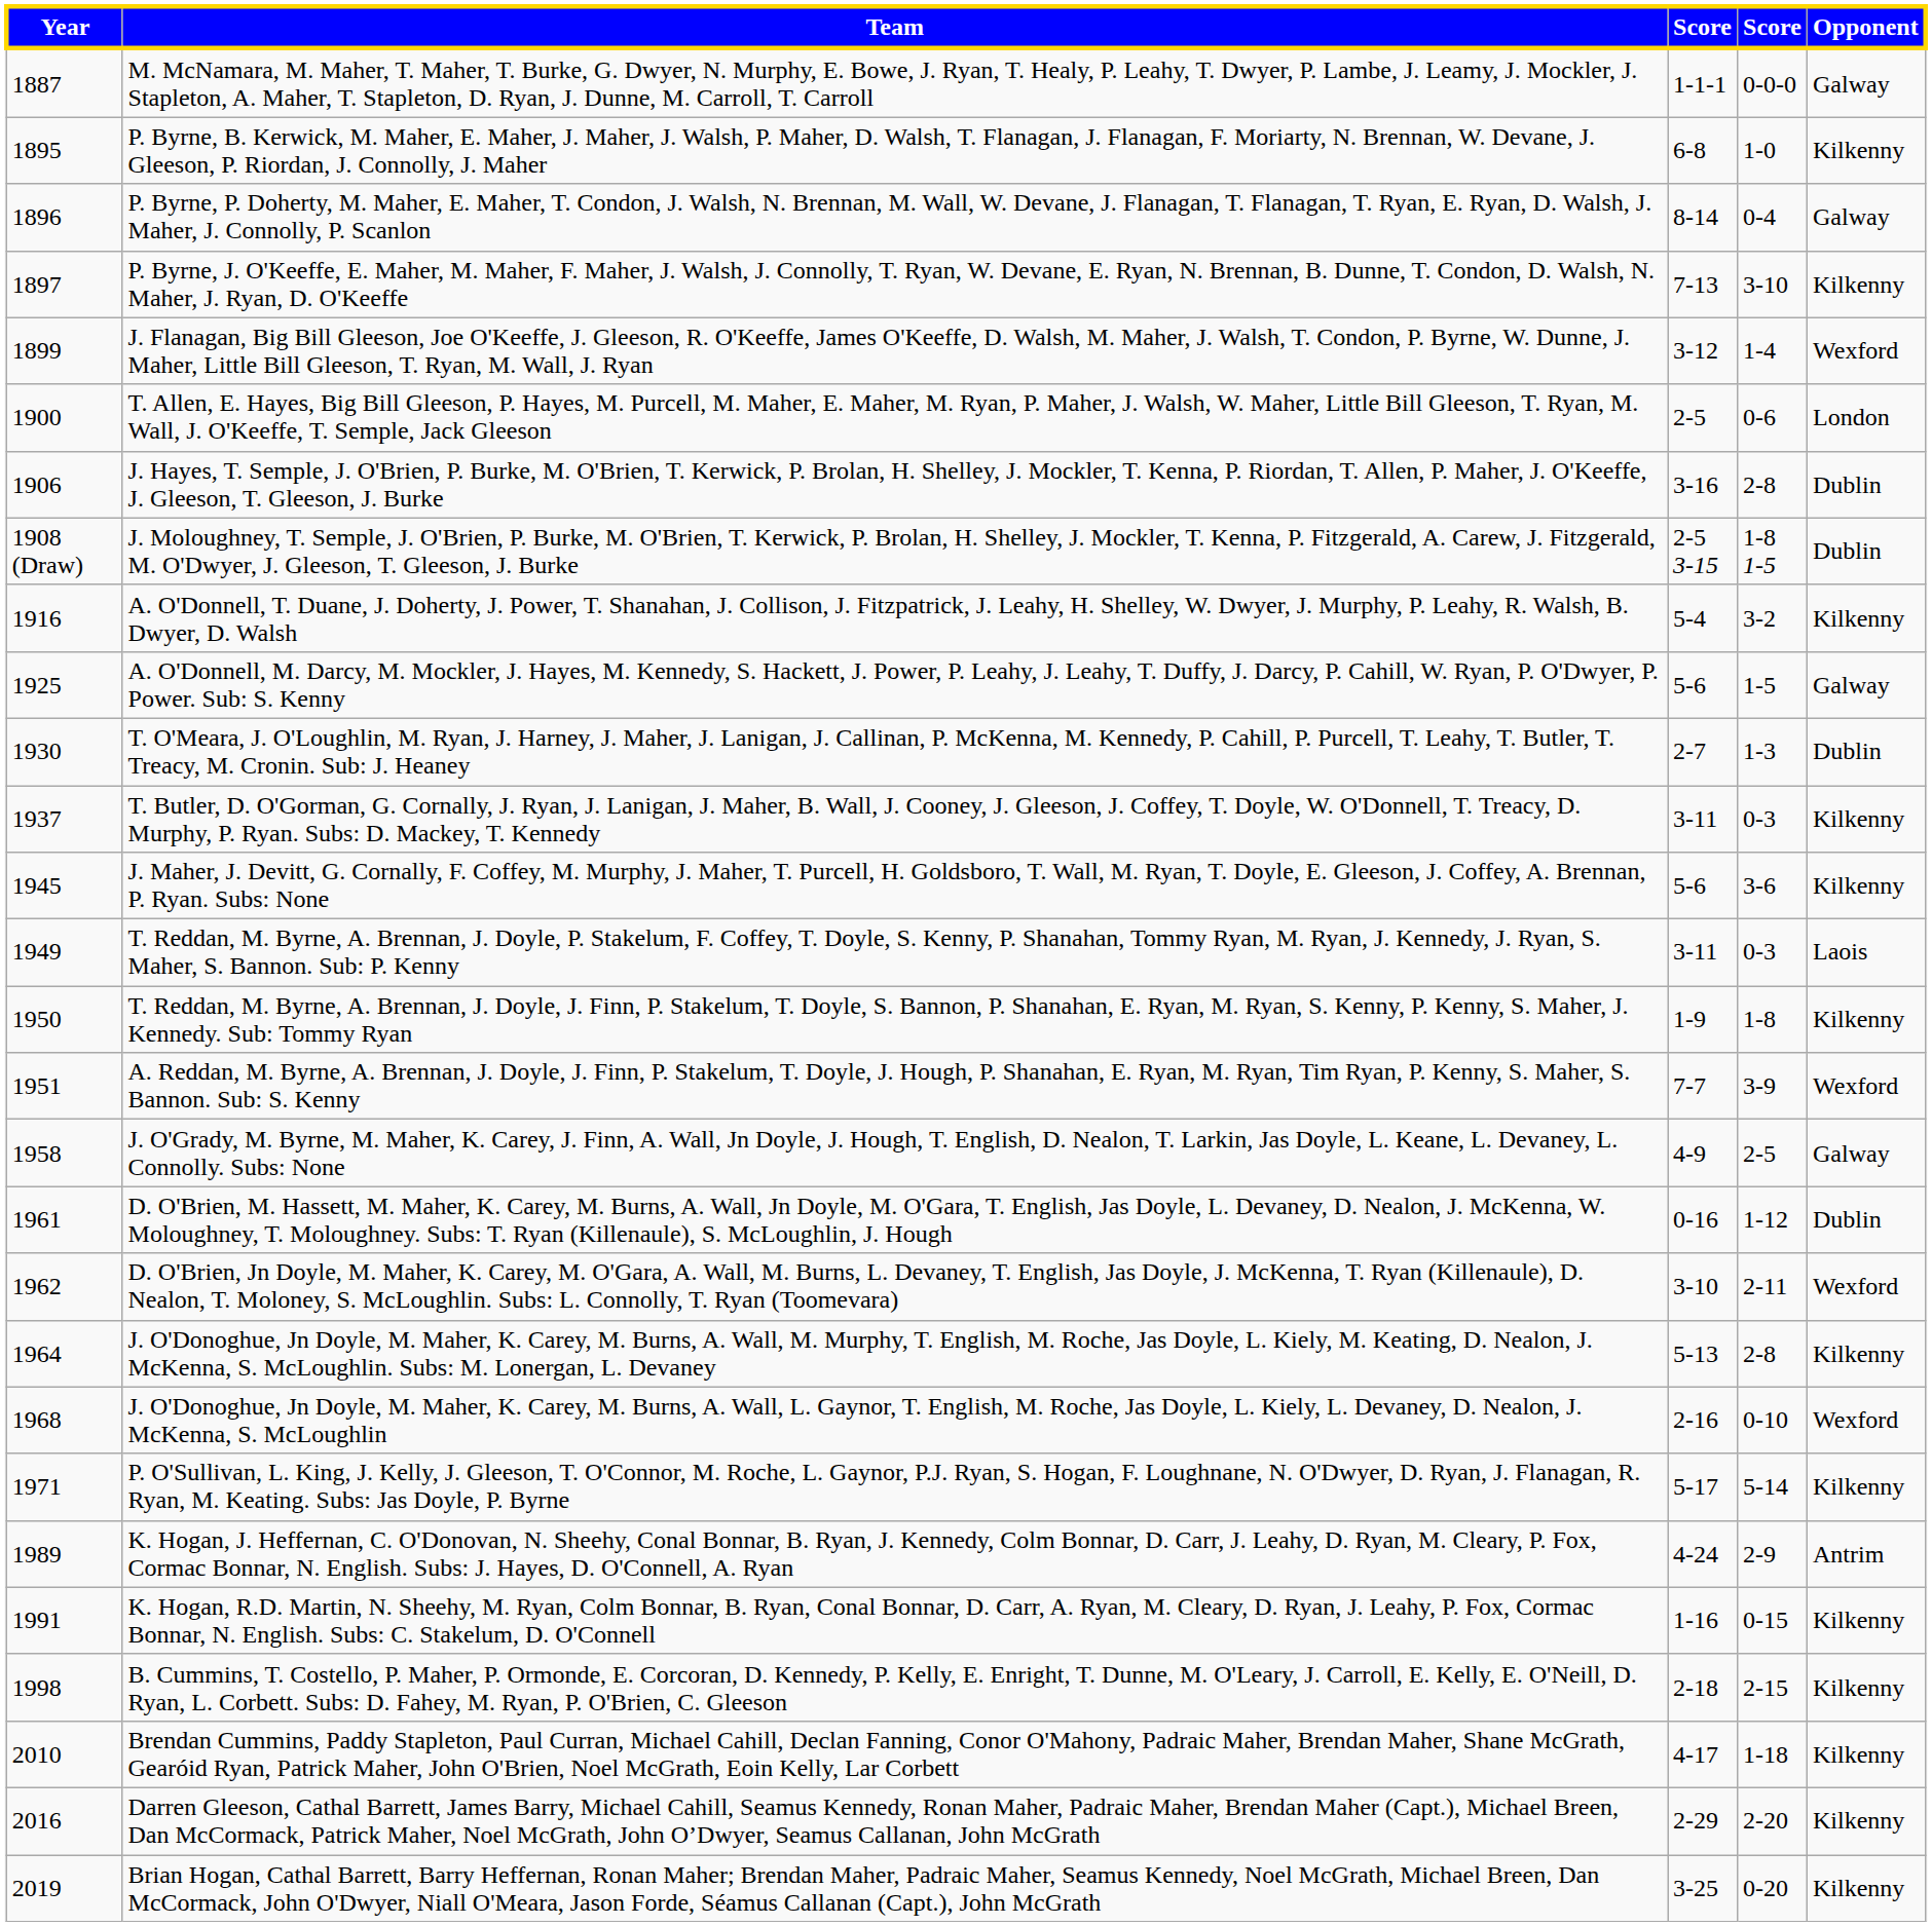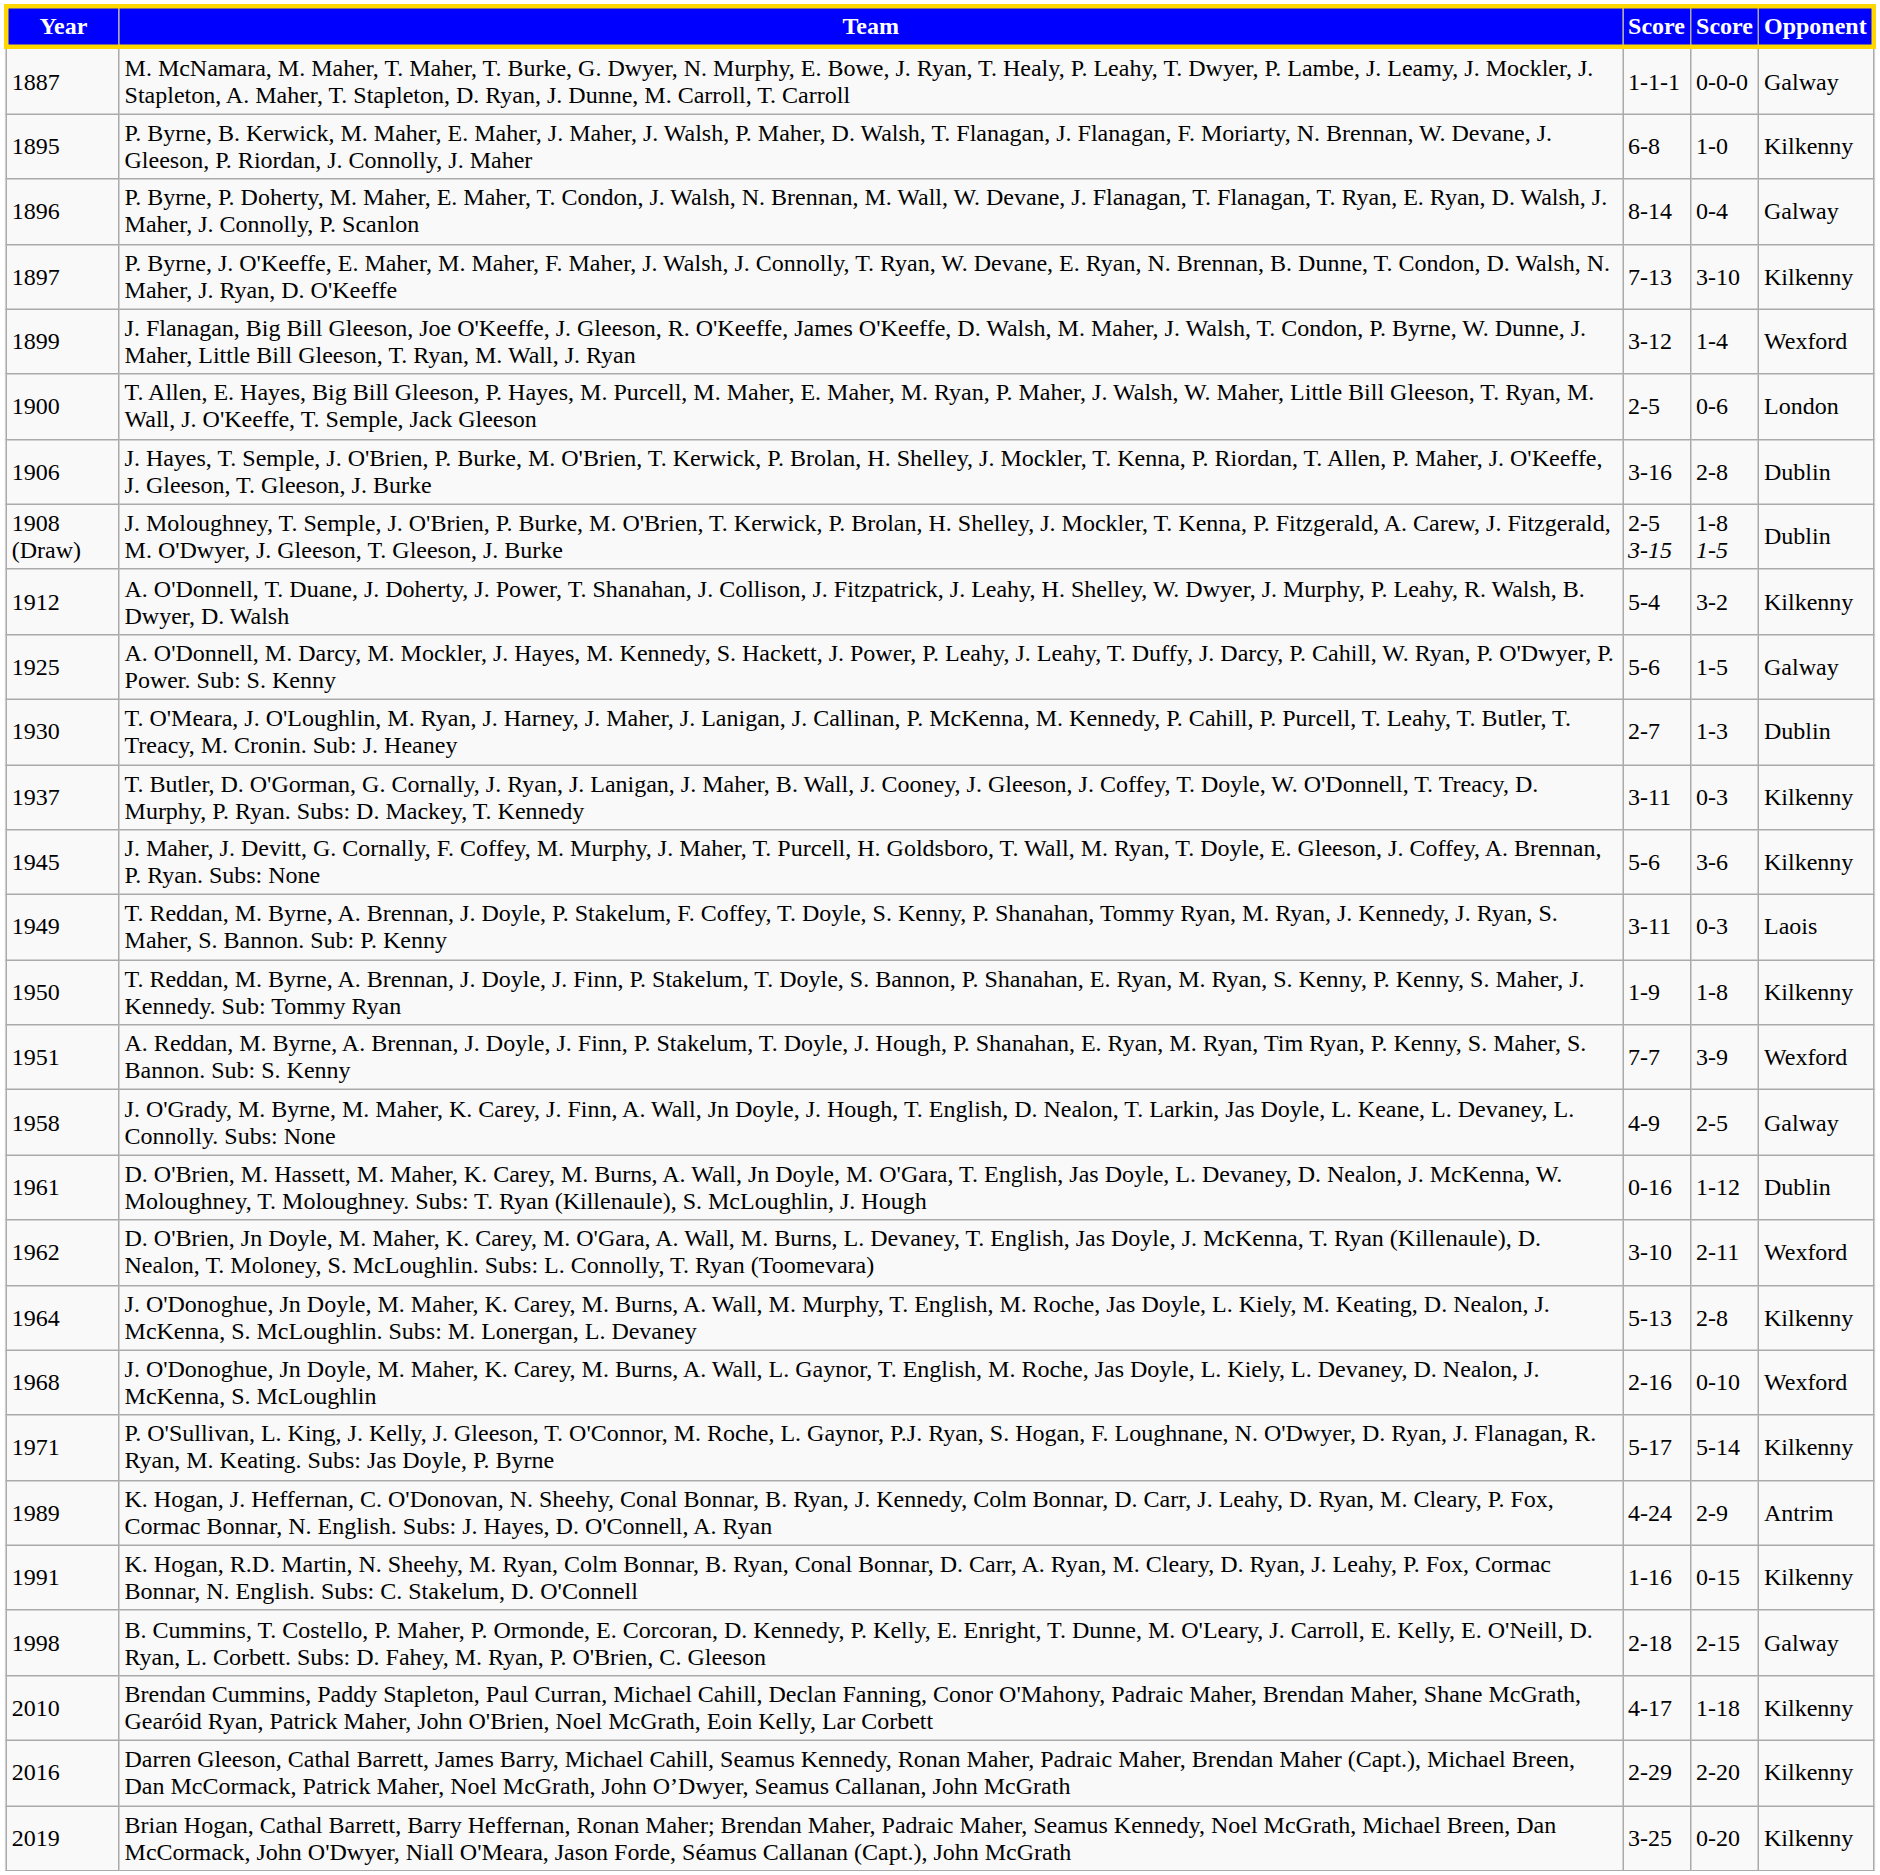 <table class="wikitable">
 <tr style="text-align:center;background:blue; color:white; border:3px solid gold">
 <td><strong>Year</strong></td>
 <td><strong>Team</strong></td>
 <td><strong>Score</strong></td>
 <td><strong>Score</strong></td>
 <td><strong>Opponent</strong></td>
 </tr>
 <tr>
 <td>1887</td>
 <td>M. McNamara, M. Maher, T. Maher, T. Burke, G. Dwyer, N. Murphy, E. Bowe, J. Ryan, T. Healy, P. Leahy, T. Dwyer, P. Lambe, J. Leamy, J. Mockler, J. Stapleton, A. Maher, T. Stapleton, D. Ryan, J. Dunne, M. Carroll, T. Carroll</td>
 <td>1-1-1</td>
 <td>0-0-0</td>
 <td>Galway</td>
 </tr>
 <tr>
 <td>1895</td>
 <td>P. Byrne, B. Kerwick, M. Maher, E. Maher, J. Maher, J. Walsh, P. Maher, D. Walsh, T. Flanagan, J. Flanagan, F. Moriarty, N. Brennan, W. Devane, J. Gleeson, P. Riordan, J. Connolly, J. Maher</td>
 <td>6-8</td>
 <td>1-0</td>
 <td>Kilkenny</td>
 </tr>
 <tr>
 <td>1896</td>
 <td>P. Byrne, P. Doherty, M. Maher, E. Maher, T. Condon, J. Walsh, N. Brennan, M. Wall, W. Devane, J. Flanagan, T. Flanagan, T. Ryan, E. Ryan, D. Walsh, J. Maher, J. Connolly, P. Scanlon</td>
 <td>8-14</td>
 <td>0-4</td>
 <td>Galway</td>
 </tr>
 <tr>
 <td>1897</td>
 <td>P. Byrne, J. O'Keeffe, E. Maher, M. Maher, F. Maher, J. Walsh, J. Connolly, T. Ryan, W. Devane, E. Ryan, N. Brennan, B. Dunne, T. Condon, D. Walsh, N. Maher, J. Ryan, D. O'Keeffe</td>
 <td>7-13</td>
 <td>3-10</td>
 <td>Kilkenny</td>
 </tr>
 <tr>
 <td>1899</td>
 <td>J. Flanagan, Big Bill Gleeson, Joe O'Keeffe, J. Gleeson, R. O'Keeffe, James O'Keeffe, D. Walsh, M. Maher, J. Walsh, T. Condon, P. Byrne, W. Dunne, J. Maher, Little Bill Gleeson, T. Ryan, M. Wall, J. Ryan</td>
 <td>3-12</td>
 <td>1-4</td>
 <td>Wexford</td>
 </tr>
 <tr>
 <td>1900</td>
 <td>T. Allen, E. Hayes, Big Bill Gleeson, P. Hayes, M. Purcell, M. Maher, E. Maher, M. Ryan, P. Maher, J. Walsh, W. Maher, Little Bill Gleeson, T. Ryan, M. Wall, J. O'Keeffe, T. Semple, Jack Gleeson</td>
 <td>2-5</td>
 <td>0-6</td>
 <td>London</td>
 </tr>
 <tr>
 <td>1906</td>
 <td>J. Hayes, T. Semple, J. O'Brien, P. Burke, M. O'Brien, T. Kerwick, P. Brolan, H. Shelley, J. Mockler, T. Kenna, P. Riordan, T. Allen, P. Maher, J. O'Keeffe, J. Gleeson, T. Gleeson, J. Burke</td>
 <td>3-16</td>
 <td>2-8</td>
 <td>Dublin</td>
 </tr>
 <tr>
 <td>1908 (Draw)</td>
 <td>J. Moloughney, T. Semple, J. O'Brien, P. Burke, M. O'Brien, T. Kerwick, P. Brolan, H. Shelley, J. Mockler, T. Kenna, P. Fitzgerald, A. Carew, J. Fitzgerald, M. O'Dwyer, J. Gleeson, T. Gleeson, J. Burke</td>
 <td>2-5<br><em>3-15</em></td>
 <td>1-8<br><em>1-5</em></td>
 <td>Dublin</td>
 </tr>
 <tr>
-<td>1916</td>
+<td>1912</td>
 <td>A. O'Donnell, T. Duane, J. Doherty, J. Power, T. Shanahan, J. Collison, J. Fitzpatrick, J. Leahy, H. Shelley, W. Dwyer, J. Murphy, P. Leahy, R. Walsh, B. Dwyer, D. Walsh</td>
 <td>5-4</td>
 <td>3-2</td>
 <td>Kilkenny</td>
 </tr>
 <tr>
 <td>1925</td>
 <td>A. O'Donnell, M. Darcy, M. Mockler, J. Hayes, M. Kennedy, S. Hackett, J. Power, P. Leahy, J. Leahy, T. Duffy, J. Darcy, P. Cahill, W. Ryan, P. O'Dwyer, P. Power. Sub: S. Kenny</td>
 <td>5-6</td>
 <td>1-5</td>
 <td>Galway</td>
 </tr>
 <tr>
 <td>1930</td>
 <td>T. O'Meara, J. O'Loughlin, M. Ryan, J. Harney, J. Maher, J. Lanigan, J. Callinan, P. McKenna, M. Kennedy, P. Cahill, P. Purcell, T. Leahy, T. Butler, T. Treacy, M. Cronin. Sub: J. Heaney</td>
 <td>2-7</td>
 <td>1-3</td>
 <td>Dublin</td>
 </tr>
 <tr>
 <td>1937</td>
 <td>T. Butler, D. O'Gorman, G. Cornally, J. Ryan, J. Lanigan, J. Maher, B. Wall, J. Cooney, J. Gleeson, J. Coffey, T. Doyle, W. O'Donnell, T. Treacy, D. Murphy, P. Ryan. Subs: D. Mackey, T. Kennedy</td>
 <td>3-11</td>
 <td>0-3</td>
 <td>Kilkenny</td>
 </tr>
 <tr>
 <td>1945</td>
 <td>J. Maher, J. Devitt, G. Cornally, F. Coffey, M. Murphy, J. Maher, T. Purcell, H. Goldsboro, T. Wall, M. Ryan, T. Doyle, E. Gleeson, J. Coffey, A. Brennan, P. Ryan. Subs: None</td>
 <td>5-6</td>
 <td>3-6</td>
 <td>Kilkenny</td>
 </tr>
 <tr>
 <td>1949</td>
 <td>T. Reddan, M. Byrne, A. Brennan, J. Doyle, P. Stakelum, F. Coffey, T. Doyle, S. Kenny, P. Shanahan, Tommy Ryan, M. Ryan, J. Kennedy, J. Ryan, S. Maher, S. Bannon. Sub: P. Kenny</td>
 <td>3-11</td>
 <td>0-3</td>
 <td>Laois</td>
 </tr>
 <tr>
 <td>1950</td>
 <td>T. Reddan, M. Byrne, A. Brennan, J. Doyle, J. Finn, P. Stakelum, T. Doyle, S. Bannon, P. Shanahan, E. Ryan, M. Ryan, S. Kenny, P. Kenny, S. Maher, J. Kennedy. Sub: Tommy Ryan</td>
 <td>1-9</td>
 <td>1-8</td>
 <td>Kilkenny</td>
 </tr>
 <tr>
 <td>1951</td>
 <td>A. Reddan, M. Byrne, A. Brennan, J. Doyle, J. Finn, P. Stakelum, T. Doyle, J. Hough, P. Shanahan, E. Ryan, M. Ryan, Tim Ryan, P. Kenny, S. Maher, S. Bannon. Sub: S. Kenny</td>
 <td>7-7</td>
 <td>3-9</td>
 <td>Wexford</td>
 </tr>
 <tr>
 <td>1958</td>
 <td>J. O'Grady, M. Byrne, M. Maher, K. Carey, J. Finn, A. Wall, Jn Doyle, J. Hough, T. English, D. Nealon, T. Larkin, Jas Doyle, L. Keane, L. Devaney, L. Connolly. Subs: None</td>
 <td>4-9</td>
 <td>2-5</td>
 <td>Galway</td>
 </tr>
 <tr>
 <td>1961</td>
 <td>D. O'Brien, M. Hassett, M. Maher, K. Carey, M. Burns, A. Wall, Jn Doyle, M. O'Gara, T. English, Jas Doyle, L. Devaney, D. Nealon, J. McKenna, W. Moloughney, T. Moloughney. Subs: T. Ryan (Killenaule), S. McLoughlin, J. Hough</td>
 <td>0-16</td>
 <td>1-12</td>
 <td>Dublin</td>
 </tr>
 <tr>
 <td>1962</td>
 <td>D. O'Brien, Jn Doyle, M. Maher, K. Carey, M. O'Gara, A. Wall, M. Burns, L. Devaney, T. English, Jas Doyle, J. McKenna, T. Ryan (Killenaule), D. Nealon, T. Moloney, S. McLoughlin. Subs: L. Connolly, T. Ryan (Toomevara)</td>
 <td>3-10</td>
 <td>2-11</td>
 <td>Wexford</td>
 </tr>
 <tr>
 <td>1964</td>
 <td>J. O'Donoghue, Jn Doyle, M. Maher, K. Carey, M. Burns, A. Wall, M. Murphy, T. English, M. Roche, Jas Doyle, L. Kiely, M. Keating, D. Nealon, J. McKenna, S. McLoughlin. Subs: M. Lonergan, L. Devaney</td>
 <td>5-13</td>
 <td>2-8</td>
 <td>Kilkenny</td>
 </tr>
 <tr>
 <td>1968</td>
 <td>J. O'Donoghue, Jn Doyle, M. Maher, K. Carey, M. Burns, A. Wall, L. Gaynor, T. English, M. Roche, Jas Doyle, L. Kiely, L. Devaney, D. Nealon, J. McKenna, S. McLoughlin</td>
 <td>2-16</td>
 <td>0-10</td>
 <td>Wexford</td>
 </tr>
 <tr>
 <td>1971</td>
 <td>P. O'Sullivan, L. King, J. Kelly, J. Gleeson, T. O'Connor, M. Roche, L. Gaynor, P.J. Ryan, S. Hogan, F. Loughnane, N. O'Dwyer, D. Ryan, J. Flanagan, R. Ryan, M. Keating. Subs: Jas Doyle, P. Byrne</td>
 <td>5-17</td>
 <td>5-14</td>
 <td>Kilkenny</td>
 </tr>
 <tr>
 <td>1989</td>
 <td>K. Hogan, J. Heffernan, C. O'Donovan, N. Sheehy, Conal Bonnar, B. Ryan, J. Kennedy, Colm Bonnar, D. Carr, J. Leahy, D. Ryan, M. Cleary, P. Fox, Cormac Bonnar, N. English. Subs: J. Hayes, D. O'Connell, A. Ryan</td>
 <td>4-24</td>
 <td>2-9</td>
 <td>Antrim</td>
 </tr>
 <tr>
 <td>1991</td>
 <td>K. Hogan, R.D. Martin, N. Sheehy, M. Ryan, Colm Bonnar, B. Ryan, Conal Bonnar, D. Carr, A. Ryan, M. Cleary, D. Ryan, J. Leahy, P. Fox, Cormac Bonnar, N. English. Subs: C. Stakelum, D. O'Connell</td>
 <td>1-16</td>
 <td>0-15</td>
 <td>Kilkenny</td>
 </tr>
 <tr>
 <td>1998</td>
 <td>B. Cummins, T. Costello, P. Maher, P. Ormonde, E. Corcoran, D. Kennedy, P. Kelly, E. Enright, T. Dunne, M. O'Leary, J. Carroll, E. Kelly, E. O'Neill, D. Ryan, L. Corbett. Subs: D. Fahey, M. Ryan, P. O'Brien, C. Gleeson</td>
 <td>2-18</td>
 <td>2-15</td>
-<td>Kilkenny</td>
+<td>Galway</td>
 </tr>
 <tr>
 <td>2010</td>
 <td>Brendan Cummins, Paddy Stapleton, Paul Curran, Michael Cahill, Declan Fanning, Conor O'Mahony, Padraic Maher, Brendan Maher, Shane McGrath, Gearóid Ryan, Patrick Maher, John O'Brien, Noel McGrath, Eoin Kelly, Lar Corbett</td>
 <td>4-17</td>
 <td>1-18</td>
 <td>Kilkenny</td>
 </tr>
 <tr>
 <td>2016</td>
 <td>Darren Gleeson, Cathal Barrett, James Barry, Michael Cahill, Seamus Kennedy, Ronan Maher, Padraic Maher, Brendan Maher (Capt.), Michael Breen, Dan McCormack, Patrick Maher, Noel McGrath, John O’Dwyer, Seamus Callanan, John McGrath</td>
 <td>2-29</td>
 <td>2-20</td>
 <td>Kilkenny</td>
 </tr>
 <tr>
 <td>2019</td>
 <td>Brian Hogan, Cathal Barrett, Barry Heffernan, Ronan Maher; Brendan Maher, Padraic Maher, Seamus Kennedy, Noel McGrath, Michael Breen, Dan McCormack, John O'Dwyer, Niall O'Meara, Jason Forde, Séamus Callanan (Capt.), John McGrath</td>
 <td>3-25</td>
 <td>0-20</td>
 <td>Kilkenny</td>
 </tr>
 </table>
